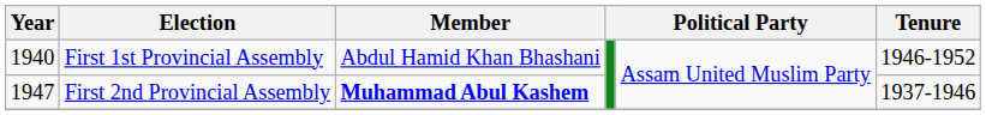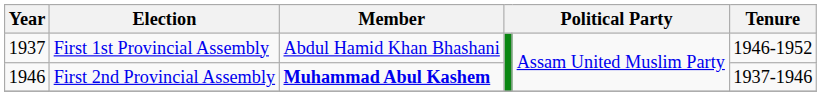 <table class="wikitable">
 <tr>
 <th>Year</th>
 <th>Election</th>
 <th>Member</th>
 <th colspan=2>Political Party</th>
 <th>Tenure</th>
 </tr>
 <tr>
-<td>1940</td>
+<td>1937</td>
 <td><a href='#'>First 1st Provincial Assembly</a></td>
 <td><a href='#'>Abdul Hamid Khan Bhashani</a></td>
 <td rowspan="2" bgcolor=#0A8612></td>
 <td rowspan="2"><a href='#'>Assam United Muslim Party</a></td>
 <td>1946-1952</td>
 </tr>
 <tr>
-<td>1947</td>
+<td>1946</td>
 <td><a href='#'>First 2nd Provincial Assembly</a></td>
 <td><strong><a href='#'>Muhammad Abul Kashem</a></strong></td>
 <td>1937-1946</td>
 </tr>
 <tr>
 </tr>
 </table>
